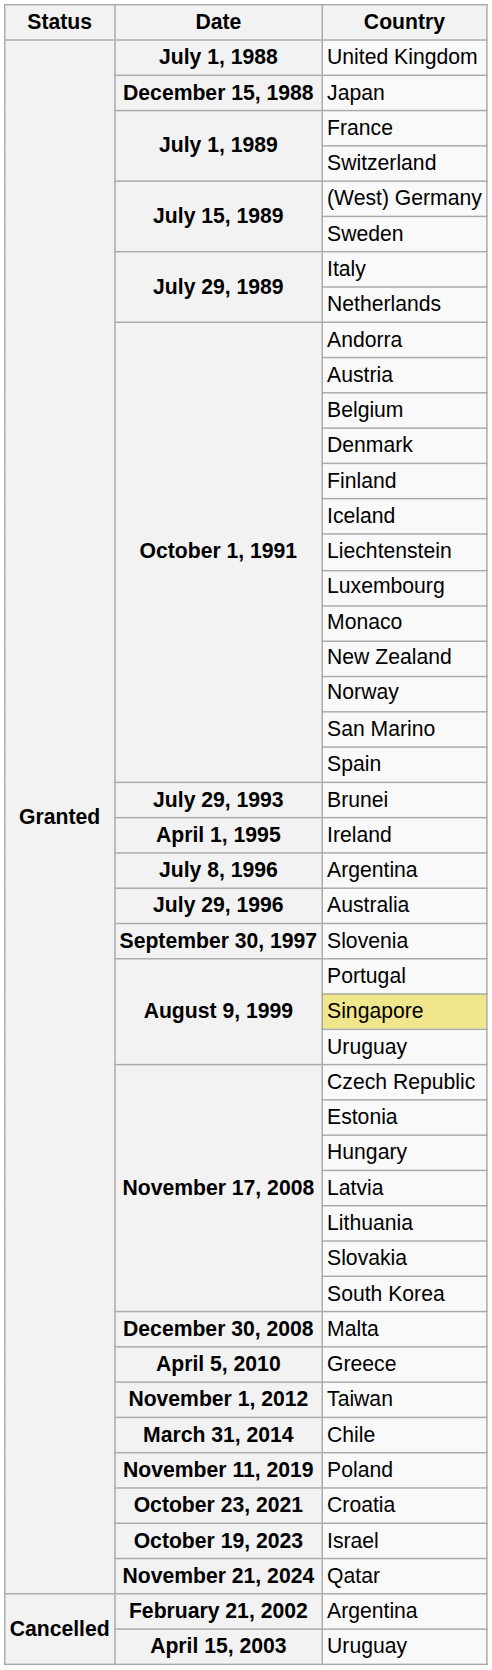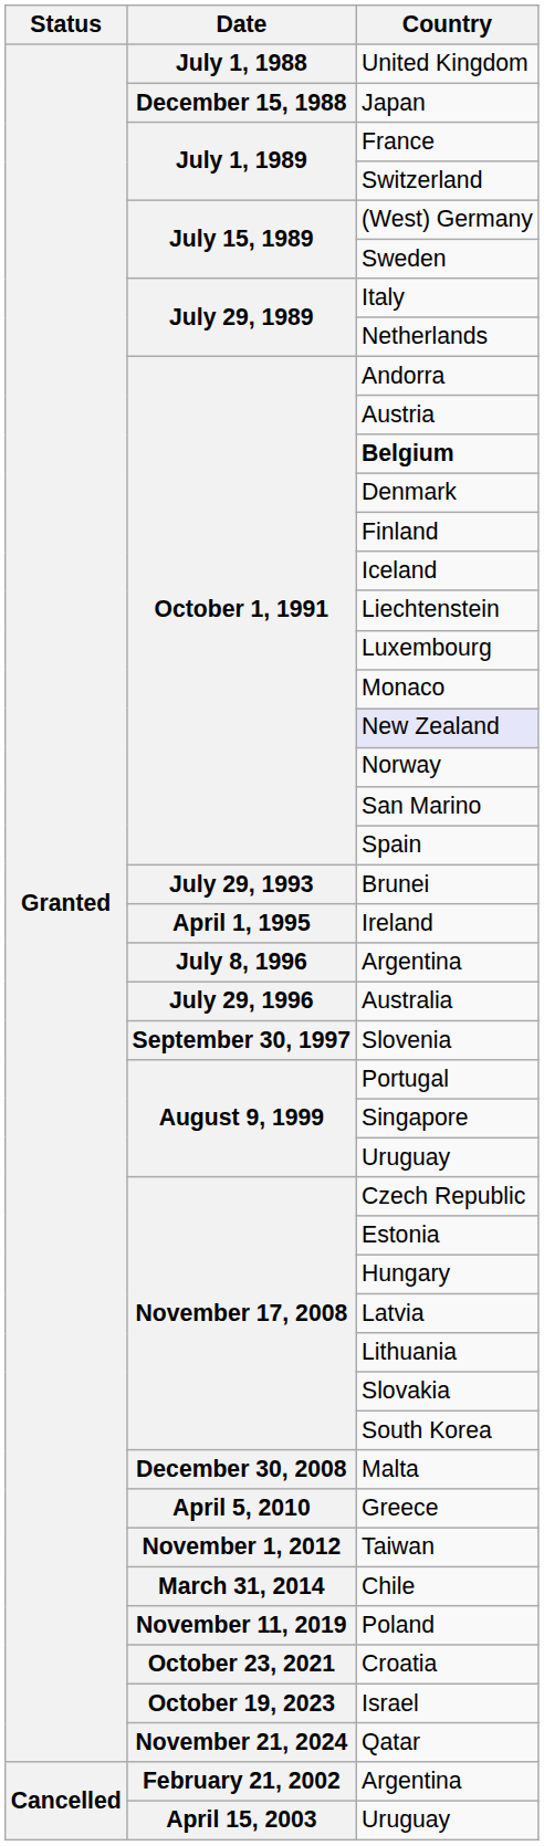 <table class="wikitable collapsible floatright" style="font-size:90%; line-height:1.2;">
 <tr>
 <th scope="col">Status</th>
 <th scope="col">Date</th>
 <th scope="col">Country</th>
 </tr>
 <tr>
 <th scope="row" rowspan=44>Granted</th>
 <th scope="row">July 1, 1988</th>
 <td>United Kingdom</td>
 </tr>
 <tr>
 <th scope="row">December 15, 1988</th>
 <td>Japan</td>
 </tr>
 <tr>
 <th scope="row" rowspan="2">July 1, 1989</th>
 <td>France</td>
 </tr>
 <tr>
 <td>Switzerland</td>
 </tr>
 <tr>
 <th scope="row" rowspan="2">July 15, 1989</th>
 <td>(West) Germany</td>
 </tr>
 <tr>
 <td>Sweden</td>
 </tr>
 <tr>
 <th scope="row" rowspan="2">July 29, 1989</th>
 <td>Italy</td>
 </tr>
 <tr>
 <td>Netherlands</td>
 </tr>
 <tr>
 <th scope="row" rowspan=13>October 1, 1991</th>
 <td>Andorra</td>
 </tr>
 <tr>
 <td>Austria</td>
 </tr>
 <tr>
-<td>Belgium</td>
+<td><strong>Belgium</strong></td>
 </tr>
 <tr>
 <td>Denmark</td>
 </tr>
 <tr>
 <td>Finland</td>
 </tr>
 <tr>
 <td>Iceland</td>
 </tr>
 <tr>
 <td>Liechtenstein</td>
 </tr>
 <tr>
 <td>Luxembourg</td>
 </tr>
 <tr>
 <td>Monaco</td>
 </tr>
 <tr>
-<td>New Zealand</td>
+<td style="background: lavender;">New Zealand</td>
 </tr>
 <tr>
 <td>Norway</td>
 </tr>
 <tr>
 <td>San Marino</td>
 </tr>
 <tr>
 <td>Spain</td>
 </tr>
 <tr>
 <th scope="row">July 29, 1993</th>
 <td>Brunei</td>
 </tr>
 <tr>
 <th scope="row">April 1, 1995</th>
 <td>Ireland</td>
 </tr>
 <tr>
 <th scope="row">July 8, 1996</th>
 <td>Argentina</td>
 </tr>
 <tr>
 <th scope="row">July 29, 1996</th>
 <td>Australia</td>
 </tr>
 <tr>
 <th scope="row">September 30, 1997</th>
 <td>Slovenia</td>
 </tr>
 <tr>
 <th scope="row" rowspan=3>August 9, 1999</th>
 <td>Portugal</td>
 </tr>
 <tr>
-<td style="background: khaki;">Singapore</td>
+<td>Singapore</td>
 </tr>
 <tr>
 <td>Uruguay</td>
 </tr>
 <tr>
 <th scope="row" rowspan=7>November 17, 2008</th>
 <td>Czech Republic</td>
 </tr>
 <tr>
 <td>Estonia</td>
 </tr>
 <tr>
 <td>Hungary</td>
 </tr>
 <tr>
 <td>Latvia</td>
 </tr>
 <tr>
 <td>Lithuania</td>
 </tr>
 <tr>
 <td>Slovakia</td>
 </tr>
 <tr>
 <td>South Korea</td>
 </tr>
 <tr>
 <th scope="row">December 30, 2008</th>
 <td>Malta</td>
 </tr>
 <tr>
 <th scope="row">April 5, 2010</th>
 <td>Greece</td>
 </tr>
 <tr>
 <th scope="row">November 1, 2012</th>
 <td>Taiwan</td>
 </tr>
 <tr>
 <th scope="row">March 31, 2014</th>
 <td>Chile</td>
 </tr>
 <tr>
 <th scope="row">November 11, 2019</th>
 <td>Poland</td>
 </tr>
 <tr>
 <th scope="row">October 23, 2021</th>
 <td>Croatia</td>
 </tr>
 <tr>
 <th scope="row">October 19, 2023</th>
 <td>Israel</td>
 </tr>
 <tr>
 <th scope="row">November 21, 2024</th>
 <td>Qatar</td>
 </tr>
 <tr>
 <th scope="row" rowspan="2">Cancelled</th>
 <th scope="row">February 21, 2002</th>
 <td>Argentina</td>
 </tr>
 <tr>
 <th scope="row">April 15, 2003</th>
 <td>Uruguay</td>
 </tr>
 </table>
